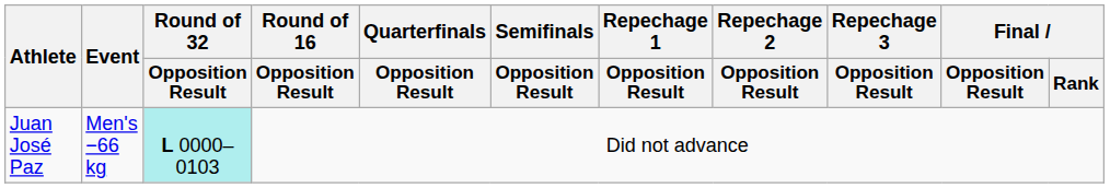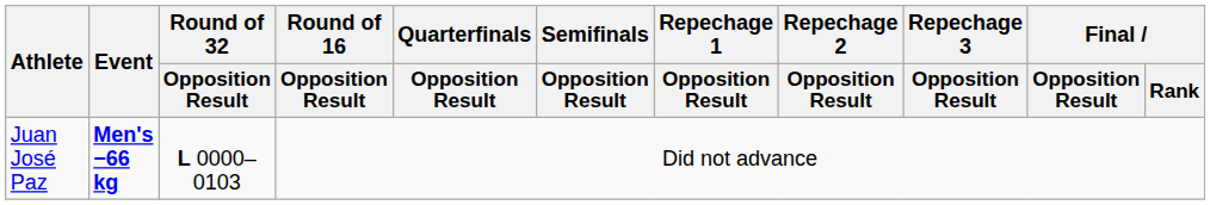 <table class="wikitable" style="font-size:90%">
 <tr>
 <th rowspan="2">Athlete</th>
 <th rowspan="2">Event</th>
 <th>Round of 32</th>
 <th>Round of 16</th>
 <th>Quarterfinals</th>
 <th>Semifinals</th>
 <th>Repechage 1</th>
 <th>Repechage 2</th>
 <th>Repechage 3</th>
 <th colspan=2>Final / </th>
 </tr>
 <tr style="font-size:95%">
 <th>Opposition<br>Result</th>
 <th>Opposition<br>Result</th>
 <th>Opposition<br>Result</th>
 <th>Opposition<br>Result</th>
 <th>Opposition<br>Result</th>
 <th>Opposition<br>Result</th>
 <th>Opposition<br>Result</th>
 <th>Opposition<br>Result</th>
 <th>Rank</th>
 </tr>
 <tr align=center>
 <td align=left><a href='#'>Juan José Paz</a></td>
-<td align=left><a href='#'>Men's −66 kg</a></td>
-<td style="background: paleturquoise;"><br><strong>L</strong> 0000–0103</td>
+<td align=left><strong><a href='#'>Men's −66 kg</a></strong></td>
+<td><br><strong>L</strong> 0000–0103</td>
 <td colspan=8>Did not advance</td>
 </tr>
 </table>
